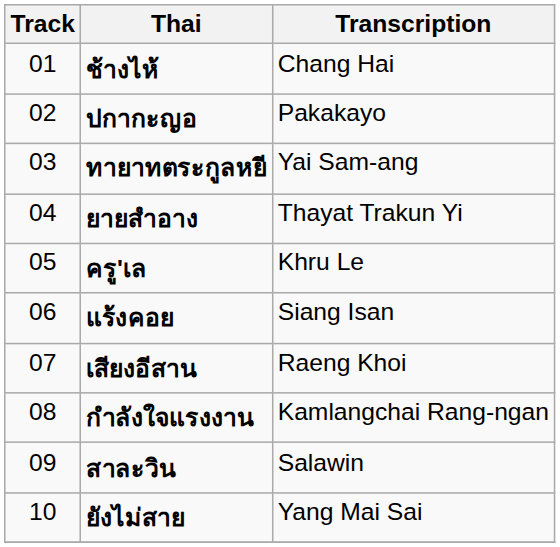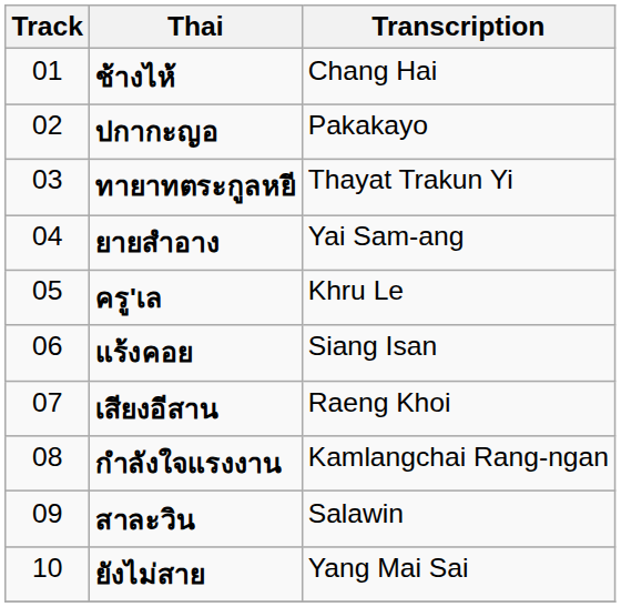 <table class="wikitable">
 <tr>
 <th align="center" valign="top" width="40">Track</th>
 <th align="left" valign="top">Thai</th>
 <th align="left" valign="top">Transcription</th>
 </tr>
 <tr>
 <td align="center" valign="top">01</td>
 <td align="left" valign="top"><strong>ช้างไห้</strong></td>
 <td align="left" valign="top">Chang Hai</td>
 </tr>
 <tr>
 <td align="center" valign="top">02</td>
 <td align="left" valign="top"><strong>ปกากะญอ</strong></td>
 <td align="left" valign="top">Pakakayo</td>
 </tr>
 <tr>
 <td align="center" valign="top">03</td>
 <td align="left" valign="top"><strong>ทายาทตระกูลหยี</strong></td>
-<td align="left" valign="top">Yai Sam-ang</td>
+<td align="left" valign="top">Thayat Trakun Yi</td>
 </tr>
 <tr>
 <td align="center" valign="top">04</td>
 <td align="left" valign="top"><strong>ยายสำอาง</strong></td>
-<td align="left" valign="top">Thayat Trakun Yi</td>
+<td align="left" valign="top">Yai Sam-ang</td>
 </tr>
 <tr>
 <td align="center" valign="top">05</td>
 <td align="left" valign="top"><strong>ครู'เล</strong></td>
 <td align="left" valign="top">Khru Le</td>
 </tr>
 <tr>
 <td align="center" valign="top">06</td>
 <td align="left" valign="top"><strong>แร้งคอย</strong></td>
 <td align="left" valign="top">Siang Isan</td>
 </tr>
 <tr>
 <td align="center" valign="top">07</td>
 <td align="left" valign="top"><strong>เสียงอีสาน</strong></td>
 <td align="left" valign="top">Raeng Khoi</td>
 </tr>
 <tr>
 <td align="center" valign="top">08</td>
 <td align="left" valign="top"><strong>กำลังใจแรงงาน</strong></td>
 <td align="left" valign="top">Kamlangchai Rang-ngan</td>
 </tr>
 <tr>
 <td align="center" valign="top">09</td>
 <td align="left" valign="top"><strong>สาละวิน</strong></td>
 <td align="left" valign="top">Salawin</td>
 </tr>
 <tr>
 <td align="center" valign="top">10</td>
 <td align="left" valign="top"><strong>ยังไม่สาย</strong></td>
 <td align="left" valign="top">Yang Mai Sai</td>
 </tr>
 <tr>
 </tr>
 </table>
